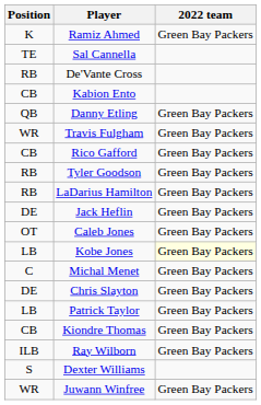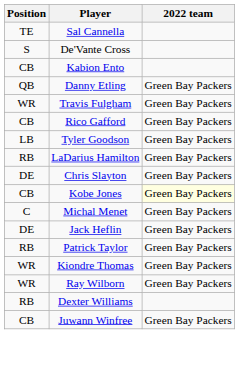 <table class="wikitable" style="text-align:center">
 <tr>
 <th>Position</th>
 <th>Player</th>
 <th>2022 team</th>
 </tr>
 <tr>
-<td>K</td>
-<td><a href='#'>Ramiz Ahmed</a></td>
-<td>Green Bay Packers</td>
-</tr>
-<tr>
 <td>TE</td>
 <td><a href='#'>Sal Cannella</a></td>
 <td></td>
 </tr>
 <tr>
-<td>RB</td>
+<td>S</td>
 <td>De'Vante Cross</td>
 <td></td>
 </tr>
 <tr>
 <td>CB</td>
 <td><a href='#'>Kabion Ento</a></td>
 <td></td>
 </tr>
 <tr>
 <td>QB</td>
 <td><a href='#'>Danny Etling</a></td>
 <td>Green Bay Packers</td>
 </tr>
 <tr>
 <td>WR</td>
 <td><a href='#'>Travis Fulgham</a></td>
 <td>Green Bay Packers</td>
 </tr>
 <tr>
 <td>CB</td>
 <td><a href='#'>Rico Gafford</a></td>
 <td>Green Bay Packers</td>
 </tr>
 <tr>
-<td>RB</td>
+<td>LB</td>
 <td><a href='#'>Tyler Goodson</a></td>
 <td>Green Bay Packers</td>
 </tr>
 <tr>
 <td>RB</td>
 <td><a href='#'>LaDarius Hamilton</a></td>
 <td>Green Bay Packers</td>
 </tr>
 <tr>
 <td>DE</td>
-<td><a href='#'>Jack Heflin</a></td>
+<td><a href='#'>Chris Slayton</a></td>
 <td>Green Bay Packers</td>
 </tr>
 <tr>
-<td>OT</td>
-<td><a href='#'>Caleb Jones</a></td>
-<td>Green Bay Packers</td>
-</tr>
-<tr>
-<td>LB</td>
+<td>CB</td>
 <td><a href='#'>Kobe Jones</a></td>
 <td style="background: lightyellow;">Green Bay Packers</td>
 </tr>
 <tr>
 <td>C</td>
 <td><a href='#'>Michal Menet</a></td>
 <td>Green Bay Packers</td>
 </tr>
 <tr>
 <td>DE</td>
-<td><a href='#'>Chris Slayton</a></td>
+<td><a href='#'>Jack Heflin</a></td>
 <td>Green Bay Packers</td>
 </tr>
 <tr>
-<td>LB</td>
+<td>RB</td>
 <td><a href='#'>Patrick Taylor</a></td>
 <td>Green Bay Packers</td>
 </tr>
 <tr>
-<td>CB</td>
+<td>WR</td>
 <td><a href='#'>Kiondre Thomas</a></td>
 <td>Green Bay Packers</td>
 </tr>
 <tr>
-<td>ILB</td>
+<td>WR</td>
 <td><a href='#'>Ray Wilborn</a></td>
 <td>Green Bay Packers</td>
 </tr>
 <tr>
-<td>S</td>
+<td>RB</td>
 <td><a href='#'>Dexter Williams</a></td>
 <td></td>
 </tr>
 <tr>
-<td>WR</td>
+<td>CB</td>
 <td><a href='#'>Juwann Winfree</a></td>
 <td>Green Bay Packers</td>
 </tr>
 </table>
